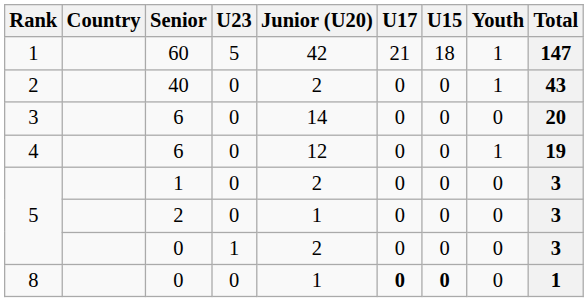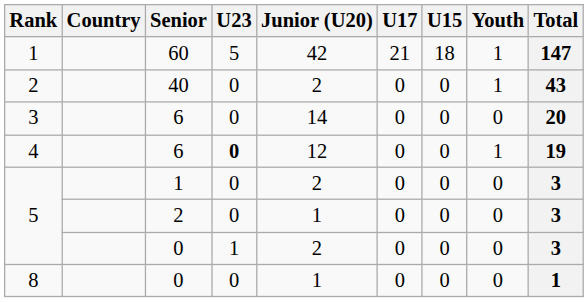 <table class="wikitable" style="text-align:center;">
 <tr>
 <th>Rank</th>
 <th>Country</th>
 <th>Senior</th>
 <th>U23</th>
 <th>Junior (U20)</th>
 <th>U17</th>
 <th>U15</th>
 <th>Youth</th>
 <th>Total</th>
 </tr>
 <tr>
 <td>1</td>
 <td align=left></td>
 <td>60</td>
 <td>5</td>
 <td>42</td>
 <td>21</td>
 <td>18</td>
 <td>1</td>
 <th>147</th>
 </tr>
 <tr>
 <td>2</td>
 <td align=left></td>
 <td>40</td>
 <td>0</td>
 <td>2</td>
 <td>0</td>
 <td>0</td>
 <td>1</td>
 <th>43</th>
 </tr>
 <tr>
 <td>3</td>
 <td align=left></td>
 <td>6</td>
 <td>0</td>
 <td>14</td>
 <td>0</td>
 <td>0</td>
 <td>0</td>
 <th>20</th>
 </tr>
 <tr>
 <td>4</td>
 <td align=left></td>
 <td>6</td>
-<td>0</td>
+<td><strong>0</strong></td>
 <td>12</td>
 <td>0</td>
 <td>0</td>
 <td>1</td>
 <th>19</th>
 </tr>
 <tr>
 <td rowspan=3>5</td>
 <td align=left></td>
 <td>1</td>
 <td>0</td>
 <td>2</td>
 <td>0</td>
 <td>0</td>
 <td>0</td>
 <th>3</th>
 </tr>
 <tr>
 <td align=left></td>
 <td>2</td>
 <td>0</td>
 <td>1</td>
 <td>0</td>
 <td>0</td>
 <td>0</td>
 <th>3</th>
 </tr>
 <tr>
 <td align=left></td>
 <td>0</td>
 <td>1</td>
 <td>2</td>
 <td>0</td>
 <td>0</td>
 <td>0</td>
 <th>3</th>
 </tr>
 <tr>
 <td>8</td>
 <td align=left></td>
 <td>0</td>
 <td>0</td>
 <td>1</td>
-<td><strong>0</strong></td>
-<td><strong>0</strong></td>
+<td>0</td>
+<td>0</td>
 <td>0</td>
 <th>1</th>
 </tr>
 </table>
